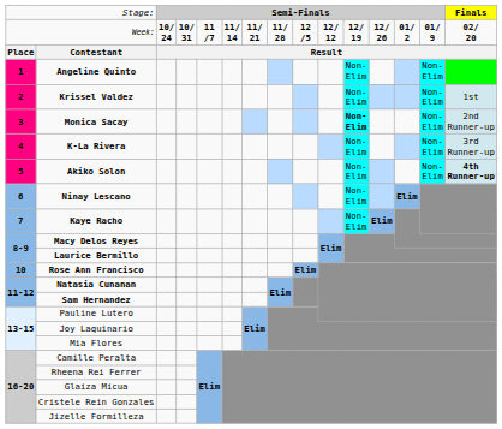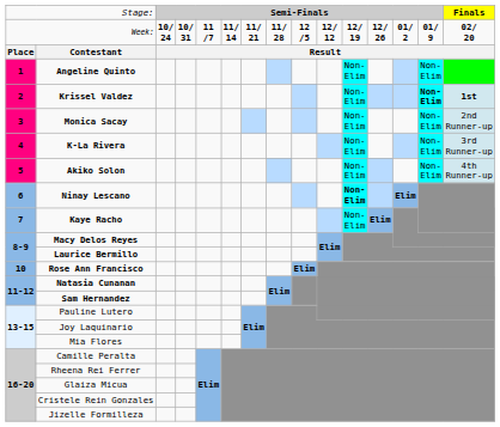 <table class="wikitable" style="margin:1em auto; text-align:center; font-size:85%;">
 <tr>
 <td colspan=2 align="right"><em>Stage:</em></td>
 <td colspan=12 bgcolor="CCCCCC"><strong>Semi-Finals</strong></td>
 <td colspan=1 bgcolor="#FFFF00"><strong>Finals</strong></td>
 </tr>
 <tr>
 <td colspan=2 align="right" style="font-size:85%;"><em>Week:</em></td>
 <td align="center"><strong>10/<br>24</strong></td>
 <td align="center"><strong>10/<br>31</strong></td>
 <td align="center"><strong>11<br>/7</strong></td>
 <td align="center"><strong>11/<br>14</strong></td>
 <td align="center"><strong>11/<br>21</strong></td>
 <td align="center"><strong>11/<br>28</strong></td>
 <td align="center"><strong>12<br>/5</strong></td>
 <td align="center"><strong>12/<br>12</strong></td>
 <td align="center"><strong>12/<br>19</strong></td>
 <td align="center"><strong>12/<br>26</strong></td>
 <td align="center"><strong>01/<br>2</strong></td>
 <td align="center"><strong>01/<br>9</strong></td>
 <td align="center"><strong>02/<br>20</strong></td>
 </tr>
 <tr>
 <th>Place</th>
 <th>Contestant</th>
 <th colspan=13 align="center">Result</th>
 </tr>
 <tr>
 <td bgcolor="#FF0080" align="center"><strong>1</strong></td>
 <td><strong>Angeline Quinto</strong></td>
 <td></td>
 <td></td>
 <td></td>
 <td></td>
 <td></td>
 <td bgcolor="B8DBFF"></td>
 <td></td>
 <td></td>
 <td bgcolor="00FFFF">Non-<br>Elim</td>
 <td></td>
 <td bgcolor="B8DBFF"></td>
 <td bgcolor="00FFFF">Non-<br>Elim</td>
 <td bgcolor="lime"></td>
 </tr>
 <tr>
 <td bgcolor="#FF0080" align="center"><strong>2</strong></td>
 <td><strong>Krissel Valdez</strong></td>
 <td></td>
 <td></td>
 <td></td>
 <td></td>
 <td></td>
 <td></td>
 <td bgcolor="B8DBFF"></td>
 <td></td>
 <td bgcolor="00FFFF">Non-<br>Elim</td>
 <td bgcolor="B8DBFF"></td>
 <td bgcolor="B8DBFF"></td>
-<td bgcolor="00FFFF">Non-<br>Elim</td>
-<td bgcolor="#D1E8EF">1st<br></td>
+<td bgcolor="00FFFF"><strong>Non-<br>Elim</strong></td>
+<td bgcolor="#D1E8EF"><strong>1st<br></strong></td>
 </tr>
 <tr>
 <td bgcolor="#FF0080" align="center"><strong>3</strong></td>
 <td><strong>Monica Sacay</strong></td>
 <td></td>
 <td></td>
 <td></td>
 <td></td>
 <td bgcolor="B8DBFF"></td>
 <td></td>
 <td bgcolor="B8DBFF"></td>
 <td></td>
-<td bgcolor="00FFFF"><strong>Non-<br>Elim</strong></td>
+<td bgcolor="00FFFF">Non-<br>Elim</td>
 <td></td>
 <td></td>
 <td bgcolor="00FFFF">Non-<br>Elim</td>
 <td bgcolor="#D1E8EF">2nd<br>Runner-up</td>
 </tr>
 <tr>
 <td bgcolor="#FF0080" align="center"><strong>4</strong></td>
 <td><strong>K-La Rivera</strong></td>
 <td></td>
 <td></td>
 <td></td>
 <td></td>
 <td></td>
 <td></td>
 <td></td>
 <td bgcolor="B8DBFF"></td>
 <td bgcolor="00FFFF">Non-<br>Elim</td>
 <td></td>
 <td bgcolor="B8DBFF"></td>
 <td bgcolor="00FFFF">Non-<br>Elim</td>
 <td bgcolor="#D1E8EF">3rd<br>Runner-up</td>
 </tr>
 <tr>
 <td bgcolor="#FF0080" align="center"><strong>5</strong></td>
 <td><strong>Akiko Solon</strong></td>
 <td></td>
 <td></td>
 <td></td>
 <td></td>
 <td></td>
 <td bgcolor="B8DBFF"></td>
 <td></td>
 <td></td>
 <td bgcolor="00FFFF">Non-<br>Elim</td>
 <td bgcolor="B8DBFF"></td>
 <td></td>
 <td bgcolor="00FFFF">Non-<br>Elim</td>
-<td bgcolor="#D1E8EF"><strong>4th<br>Runner-up</strong></td>
+<td bgcolor="#D1E8EF">4th<br>Runner-up</td>
 </tr>
 <tr>
 <td bgcolor="8AB8E6" align="center"><strong>6</strong></td>
 <td><strong>Ninay Lescano</strong></td>
 <td></td>
 <td></td>
 <td></td>
 <td></td>
 <td></td>
 <td></td>
 <td bgcolor="B8DBFF"></td>
 <td></td>
-<td bgcolor="00FFFF">Non-<br>Elim</td>
+<td bgcolor="00FFFF"><strong>Non-<br>Elim</strong></td>
 <td bgcolor="B8DBFF"></td>
 <td bgcolor="8AB8E6"><strong>Elim</strong></td>
 <td bgcolor="919191" colspan=13 rowspan=2></td>
 </tr>
 <tr>
 <td bgcolor="8AB8E6" align="center"><strong>7</strong></td>
 <td><strong>Kaye Racho</strong></td>
 <td></td>
 <td></td>
 <td></td>
 <td></td>
 <td></td>
 <td></td>
 <td></td>
 <td bgcolor="B8DBFF"></td>
 <td bgcolor="00FFFF">Non-<br>Elim</td>
 <td bgcolor="8AB8E6"><strong>Elim</strong></td>
 <td bgcolor="919191" colspan=13 rowspan=2></td>
 </tr>
 <tr>
 <td align="center" bgcolor="8AB8E6" rowspan=2><strong>8-9</strong></td>
 <td><strong>Macy Delos Reyes</strong></td>
 <td></td>
 <td></td>
 <td></td>
 <td></td>
 <td></td>
 <td></td>
 <td></td>
 <td bgcolor="8AB8E6" rowspan=2 align="center"><strong>Elim</strong></td>
 <td bgcolor="919191" colspan=13 rowspan=2></td>
 </tr>
 <tr>
 <td><strong>Laurice Bermillo</strong></td>
 <td></td>
 <td></td>
 <td></td>
 <td></td>
 <td></td>
 <td></td>
 <td></td>
 </tr>
 <tr>
 <td bgcolor="8AB8E6" align="center"><strong>10</strong></td>
 <td><strong>Rose Ann Francisco</strong></td>
 <td></td>
 <td></td>
 <td></td>
 <td></td>
 <td></td>
 <td></td>
 <td bgcolor="8AB8E6"><strong>Elim</strong></td>
 <td bgcolor="919191" colspan=8 rowspan=4></td>
 </tr>
 <tr>
 <td align="center" bgcolor="8AB8E6" rowspan=2><strong>11-12</strong></td>
 <td><strong>Natasia Cunanan</strong></td>
 <td></td>
 <td></td>
 <td></td>
 <td></td>
 <td></td>
 <td bgcolor="8AB8E6" rowspan=2 align="center"><strong>Elim</strong></td>
 <td bgcolor="919191" colspan=13 rowspan=2></td>
 </tr>
 <tr>
 <td><strong>Sam Hernandez</strong></td>
 <td></td>
 <td></td>
 <td></td>
 <td></td>
 <td></td>
 </tr>
 <tr>
 <td align="center" bgcolor="E0F0FF" rowspan=3><strong>13-15</strong></td>
 <td>Pauline Lutero</td>
 <td></td>
 <td></td>
 <td></td>
 <td></td>
 <td bgcolor="8AB8E6" rowspan=3 align="center"><strong>Elim</strong></td>
 <td bgcolor="919191" colspan=13 rowspan=3></td>
 </tr>
 <tr>
 <td>Joy Laquinario</td>
 <td></td>
 <td></td>
 <td></td>
 <td></td>
 </tr>
 <tr>
 <td>Mia Flores</td>
 <td></td>
 <td></td>
 <td></td>
 <td></td>
 </tr>
 <tr>
 <td align="center" bgcolor="CCCCCC" rowspan=5><strong>16-20</strong></td>
 <td>Camille Peralta</td>
 <td></td>
 <td></td>
 <td bgcolor="8AB8E6" rowspan=5 align="center"><strong>Elim</strong></td>
 <td bgcolor="919191" colspan=13 rowspan=5></td>
 </tr>
 <tr>
 <td>Rheena Rei Ferrer</td>
 <td></td>
 <td></td>
 </tr>
 <tr>
 <td>Glaiza Micua</td>
 <td></td>
 <td></td>
 </tr>
 <tr>
 <td>Cristele Rein Gonzales</td>
 <td></td>
 <td></td>
 </tr>
 <tr>
 <td>Jizelle Formilleza</td>
 <td></td>
 <td></td>
 </tr>
 </table>
